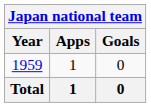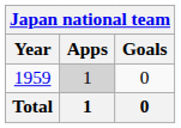 <table class="wikitable" style="text-align:center">
 <tr>
 <th colspan=3><a href='#'>Japan national team</a></th>
 </tr>
 <tr>
 <th>Year</th>
 <th>Apps</th>
 <th>Goals</th>
 </tr>
 <tr>
 <td><a href='#'>1959</a></td>
-<td>1</td>
+<td style="background: lightgrey;">1</td>
 <td>0</td>
 </tr>
 <tr>
 <th>Total</th>
 <th>1</th>
 <th>0</th>
 </tr>
 </table>
